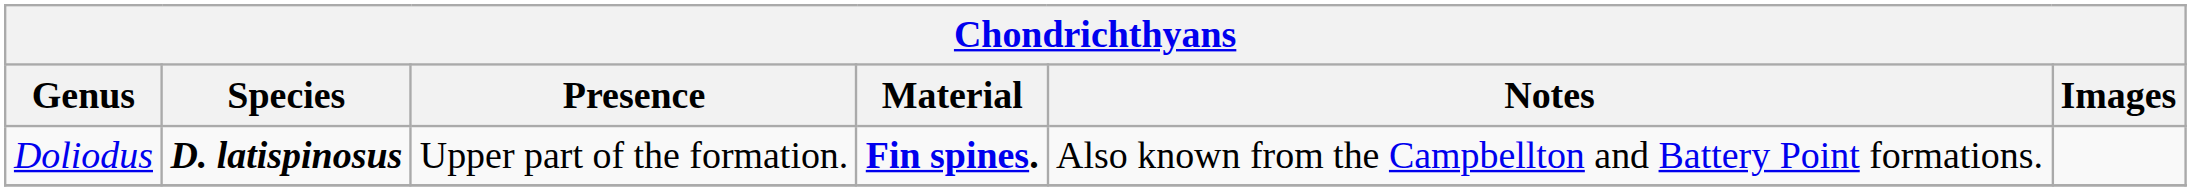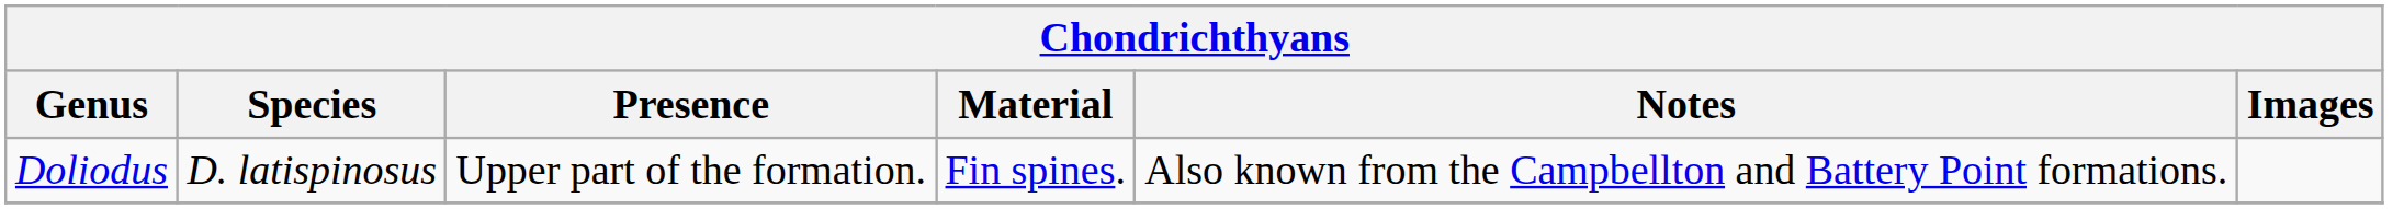 <table class="wikitable" align="center">
 <tr>
 <th colspan="6" align="center"><strong><a href='#'>Chondrichthyans</a></strong></th>
 </tr>
 <tr>
 <th>Genus</th>
 <th>Species</th>
 <th>Presence</th>
 <th><strong>Material</strong></th>
 <th>Notes</th>
 <th>Images</th>
 </tr>
 <tr>
 <td><em><a href='#'>Doliodus</a></em></td>
-<td><strong><em>D. latispinosus</em></strong></td>
+<td><em>D. latispinosus</em></td>
 <td>Upper part of the formation.</td>
-<td><strong><a href='#'>Fin spines</a>.</strong></td>
+<td><a href='#'>Fin spines</a>.</td>
 <td>Also known from the <a href='#'>Campbellton</a> and <a href='#'>Battery Point</a> formations.</td>
 <td></td>
 </tr>
 <tr>
 </tr>
 </table>
